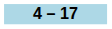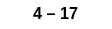 <table style="text-align:center">
 <tr>
 <th width=200></th>
 <th width=100></th>
 <th width=200></th>
 </tr>
 <tr>
 <td align=right></td>
-<td style="background: lightblue;"><strong>4 – 17</strong></td>
+<td><strong>4 – 17</strong></td>
 <td align=left></td>
 </tr>
 </table>
